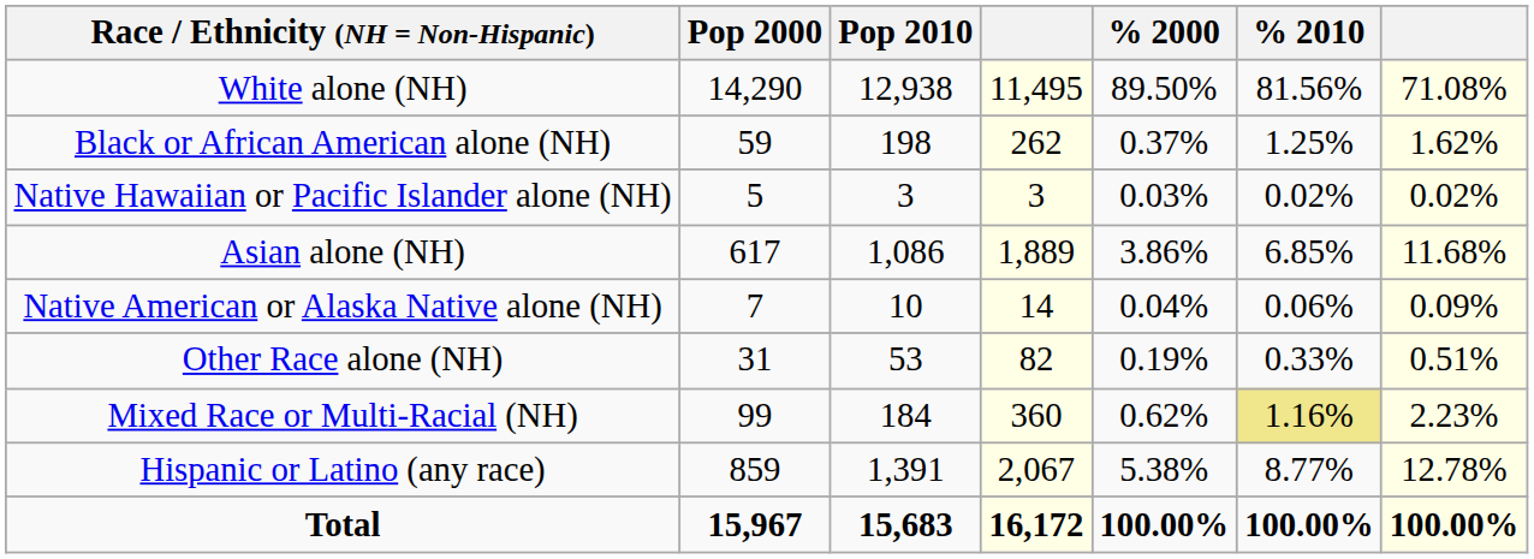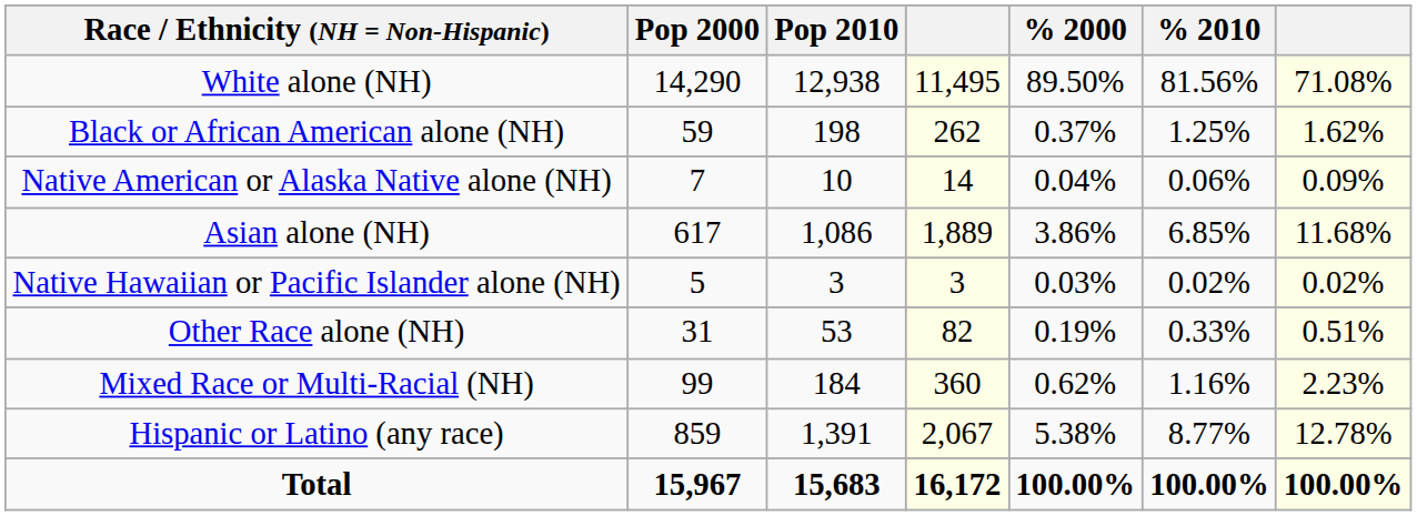 <table class="wikitable" style="text-align:center;">
 <tr>
 <th>Race / Ethnicity <small>(<em>NH = Non-Hispanic</em>)</small></th>
 <th>Pop 2000</th>
 <th>Pop 2010</th>
 <th></th>
 <th>% 2000</th>
 <th>% 2010</th>
 <th></th>
 </tr>
 <tr>
 <td><a href='#'>White</a> alone (NH)</td>
 <td>14,290</td>
 <td>12,938</td>
 <td style='background: #ffffe6;'>11,495</td>
 <td>89.50%</td>
 <td>81.56%</td>
 <td style='background: #ffffe6;'>71.08%</td>
 </tr>
 <tr>
 <td><a href='#'>Black or African American</a> alone (NH)</td>
 <td>59</td>
 <td>198</td>
 <td style='background: #ffffe6;'>262</td>
 <td>0.37%</td>
 <td>1.25%</td>
 <td style='background: #ffffe6;'>1.62%</td>
 </tr>
 <tr>
-<td><a href='#'>Native Hawaiian</a> or <a href='#'>Pacific Islander</a> alone (NH)</td>
-<td>5</td>
-<td>3</td>
-<td style='background: #ffffe6;'>3</td>
-<td>0.03%</td>
-<td>0.02%</td>
-<td style='background: #ffffe6;'>0.02%</td>
+<td><a href='#'>Native American</a> or <a href='#'>Alaska Native</a> alone (NH)</td>
+<td>7</td>
+<td>10</td>
+<td style='background: #ffffe6;'>14</td>
+<td>0.04%</td>
+<td>0.06%</td>
+<td style='background: #ffffe6;'>0.09%</td>
 </tr>
 <tr>
 <td><a href='#'>Asian</a> alone (NH)</td>
 <td>617</td>
 <td>1,086</td>
 <td style='background: #ffffe6;'>1,889</td>
 <td>3.86%</td>
 <td>6.85%</td>
 <td style='background: #ffffe6;'>11.68%</td>
 </tr>
 <tr>
-<td><a href='#'>Native American</a> or <a href='#'>Alaska Native</a> alone (NH)</td>
-<td>7</td>
-<td>10</td>
-<td style='background: #ffffe6;'>14</td>
-<td>0.04%</td>
-<td>0.06%</td>
-<td style='background: #ffffe6;'>0.09%</td>
+<td><a href='#'>Native Hawaiian</a> or <a href='#'>Pacific Islander</a> alone (NH)</td>
+<td>5</td>
+<td>3</td>
+<td style='background: #ffffe6;'>3</td>
+<td>0.03%</td>
+<td>0.02%</td>
+<td style='background: #ffffe6;'>0.02%</td>
 </tr>
 <tr>
 <td><a href='#'>Other Race</a> alone (NH)</td>
 <td>31</td>
 <td>53</td>
 <td style='background: #ffffe6;'>82</td>
 <td>0.19%</td>
 <td>0.33%</td>
 <td style='background: #ffffe6;'>0.51%</td>
 </tr>
 <tr>
 <td><a href='#'>Mixed Race or Multi-Racial</a> (NH)</td>
 <td>99</td>
 <td>184</td>
 <td style='background: #ffffe6;'>360</td>
 <td>0.62%</td>
-<td style="background: khaki;">1.16%</td>
+<td>1.16%</td>
 <td style='background: #ffffe6;'>2.23%</td>
 </tr>
 <tr>
 <td><a href='#'>Hispanic or Latino</a> (any race)</td>
 <td>859</td>
 <td>1,391</td>
 <td style='background: #ffffe6;'>2,067</td>
 <td>5.38%</td>
 <td>8.77%</td>
 <td style='background: #ffffe6;'>12.78%</td>
 </tr>
 <tr>
 <td><strong>Total</strong></td>
 <td><strong>15,967</strong></td>
 <td><strong>15,683</strong></td>
 <td style='background: #ffffe6;'><strong>16,172</strong></td>
 <td><strong>100.00%</strong></td>
 <td><strong>100.00%</strong></td>
 <td style='background: #ffffe6;'><strong>100.00%</strong></td>
 </tr>
 </table>
